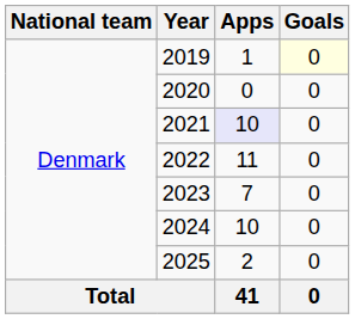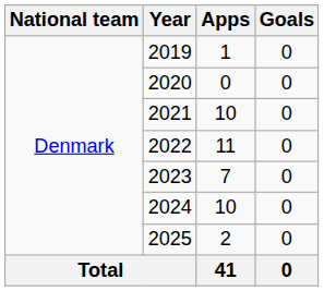 <table class="wikitable" style="text-align: center;">
 <tr>
 <th>National team</th>
 <th>Year</th>
 <th>Apps</th>
 <th>Goals</th>
 </tr>
 <tr>
 <td rowspan="7"><a href='#'>Denmark</a></td>
 <td>2019</td>
 <td>1</td>
-<td style="background: lightyellow;">0</td>
+<td>0</td>
 </tr>
 <tr>
 <td>2020</td>
 <td>0</td>
 <td>0</td>
 </tr>
 <tr>
 <td>2021</td>
-<td style="background: lavender;">10</td>
+<td>10</td>
 <td>0</td>
 </tr>
 <tr>
 <td>2022</td>
 <td>11</td>
 <td>0</td>
 </tr>
 <tr>
 <td>2023</td>
 <td>7</td>
 <td>0</td>
 </tr>
 <tr>
 <td>2024</td>
 <td>10</td>
 <td>0</td>
 </tr>
 <tr>
 <td>2025</td>
 <td>2</td>
 <td>0</td>
 </tr>
 <tr>
 <th colspan="2">Total</th>
 <th>41</th>
 <th>0</th>
 </tr>
 </table>
